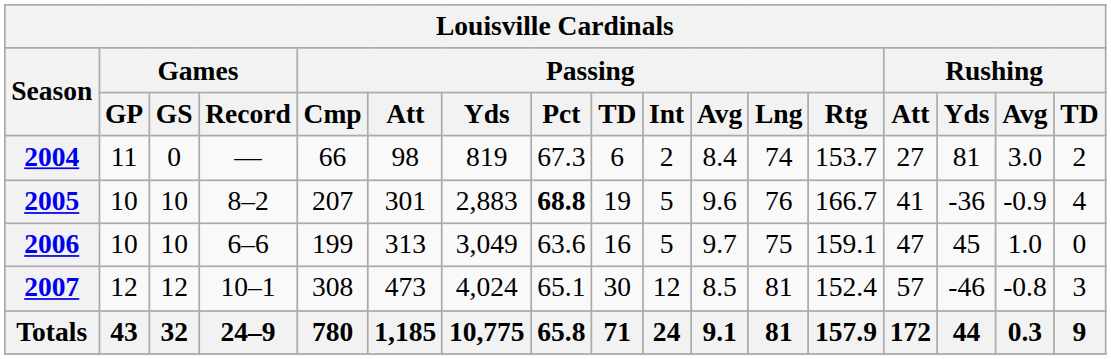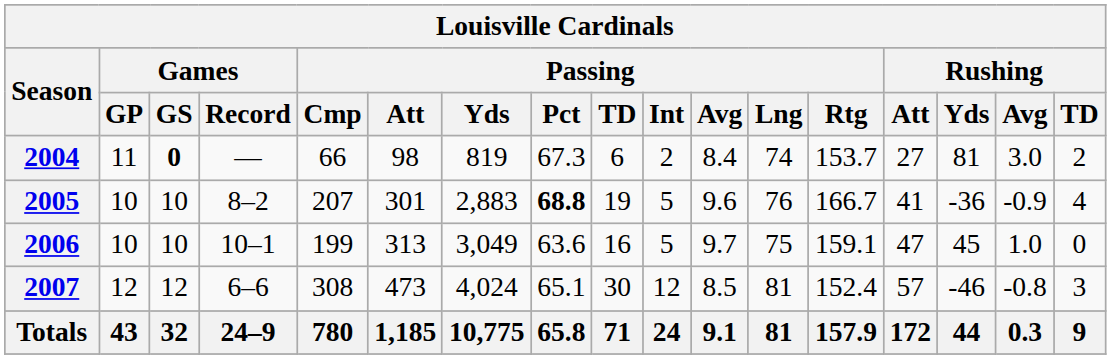 <table class=wikitable style="text-align:center;">
 <tr>
 <th colspan="17">Louisville Cardinals</th>
 </tr>
 <tr>
 <th rowspan="2">Season</th>
 <th colspan="3">Games</th>
 <th colspan="9">Passing</th>
 <th colspan="4">Rushing</th>
 </tr>
 <tr>
 <th>GP</th>
 <th>GS</th>
 <th>Record</th>
 <th>Cmp</th>
 <th>Att</th>
 <th>Yds</th>
 <th>Pct</th>
 <th>TD</th>
 <th>Int</th>
 <th>Avg</th>
 <th>Lng</th>
 <th>Rtg</th>
 <th>Att</th>
 <th>Yds</th>
 <th>Avg</th>
 <th>TD</th>
 </tr>
 <tr>
 <th><a href='#'>2004</a></th>
 <td>11</td>
-<td>0</td>
+<td><strong>0</strong></td>
 <td>—</td>
 <td>66</td>
 <td>98</td>
 <td>819</td>
 <td>67.3</td>
 <td>6</td>
 <td>2</td>
 <td>8.4</td>
 <td>74</td>
 <td>153.7</td>
 <td>27</td>
 <td>81</td>
 <td>3.0</td>
 <td>2</td>
 </tr>
 <tr>
 <th><a href='#'>2005</a></th>
 <td>10</td>
 <td>10</td>
 <td>8–2</td>
 <td>207</td>
 <td>301</td>
 <td>2,883</td>
 <td><strong>68.8</strong></td>
 <td>19</td>
 <td>5</td>
 <td>9.6</td>
 <td>76</td>
 <td>166.7</td>
 <td>41</td>
 <td>-36</td>
 <td>-0.9</td>
 <td>4</td>
 </tr>
 <tr>
 <th><a href='#'>2006</a></th>
 <td>10</td>
 <td>10</td>
-<td>6–6</td>
+<td>10–1</td>
 <td>199</td>
 <td>313</td>
 <td>3,049</td>
 <td>63.6</td>
 <td>16</td>
 <td>5</td>
 <td>9.7</td>
 <td>75</td>
 <td>159.1</td>
 <td>47</td>
 <td>45</td>
 <td>1.0</td>
 <td>0</td>
 </tr>
 <tr>
 <th><a href='#'>2007</a></th>
 <td>12</td>
 <td>12</td>
-<td>10–1</td>
+<td>6–6</td>
 <td>308</td>
 <td>473</td>
 <td>4,024</td>
 <td>65.1</td>
 <td>30</td>
 <td>12</td>
 <td>8.5</td>
 <td>81</td>
 <td>152.4</td>
 <td>57</td>
 <td>-46</td>
 <td>-0.8</td>
 <td>3</td>
 </tr>
 <tr>
 <th>Totals</th>
 <th>43</th>
 <th>32</th>
 <th>24–9</th>
 <th>780</th>
 <th>1,185</th>
 <th>10,775</th>
 <th>65.8</th>
 <th>71</th>
 <th>24</th>
 <th>9.1</th>
 <th>81</th>
 <th>157.9</th>
 <th>172</th>
 <th>44</th>
 <th>0.3</th>
 <th>9</th>
 </tr>
 </table>
